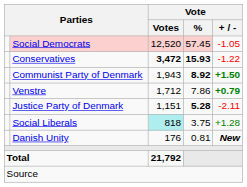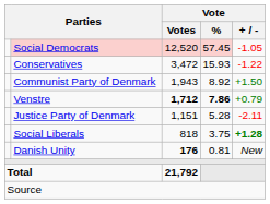 <table class="wikitable" style="text-align:right;">
 <tr>
 <th style="text-align:centre;" rowspan="2" colspan="2" width="225">Parties</th>
 <th colspan="3">Vote</th>
 </tr>
 <tr>
 <th width="15">Votes</th>
 <th width="15">%</th>
 <th width="15">+ / -</th>
 </tr>
 <tr>
 <td width="2" style="color:inherit;background:"></td>
 <td bgcolor=#fbd0ce  align="left"><a href='#'>Social Democrats</a></td>
 <td bgcolor=#fbd0ce>12,520</td>
 <td bgcolor=#fbd0ce>57.45</td>
 <td style=color:red;>-1.05</td>
 </tr>
 <tr>
 <td width="2" style="color:inherit;background:"></td>
 <td align="left"><a href='#'>Conservatives</a></td>
-<td><strong>3,472</strong></td>
-<td><strong>15.93</strong></td>
+<td>3,472</td>
+<td>15.93</td>
 <td style=color:red;>-1.22</td>
 </tr>
 <tr>
 <td width="2" style="color:inherit;background:"></td>
 <td align="left"><a href='#'>Communist Party of Denmark</a></td>
 <td>1,943</td>
-<td><strong>8.92</strong></td>
-<td style=color:green;><strong>+1.50</strong></td>
+<td>8.92</td>
+<td style=color:green;>+1.50</td>
 </tr>
 <tr>
 <td width="2" style="color:inherit;background:"></td>
 <td align="left"><a href='#'>Venstre</a></td>
-<td>1,712</td>
-<td>7.86</td>
-<td style=color:green;><strong>+0.79</strong></td>
+<td><strong>1,712</strong></td>
+<td><strong>7.86</strong></td>
+<td style=color:green;>+0.79</td>
 </tr>
 <tr>
 <td width="2" style="color:inherit;background:"></td>
 <td align="left"><a href='#'>Justice Party of Denmark</a></td>
 <td>1,151</td>
-<td><strong>5.28</strong></td>
+<td>5.28</td>
 <td style=color:red;>-2.11</td>
 </tr>
 <tr>
 <td width="2" style="color:inherit;background:"></td>
 <td align="left"><a href='#'>Social Liberals</a></td>
-<td style="background: paleturquoise;">818</td>
+<td>818</td>
 <td>3.75</td>
-<td style=color:green;>+1.28</td>
+<td style=color:green;><strong>+1.28</strong></td>
 </tr>
 <tr>
 <td width="2" style="color:inherit;background:"></td>
 <td align="left"><a href='#'>Danish Unity</a></td>
-<td>176</td>
+<td><strong>176</strong></td>
 <td>0.81</td>
-<td><strong><em>New</em></strong></td>
+<td><em>New</em></td>
 </tr>
 <tr>
 <td colspan="7" bgcolor="#E9E9E9"></td>
 </tr>
 <tr>
 <td align="left" colspan="2"><strong>Total</strong></td>
 <td><strong>21,792</strong></td>
 <td bgcolor="#E9E9E9" colspan="2"></td>
 </tr>
 <tr>
 <td align="left" colspan="6">Source</td>
 </tr>
 </table>
